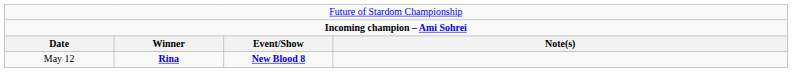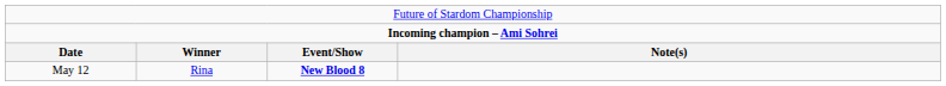 <table class="wikitable" style="text-align:center; width:100%;">
 <tr>
 <td colspan="5" style="text-align: center;"><a href='#'>Future of Stardom Championship</a></td>
 </tr>
 <tr>
 <td colspan="5" style="text-align: center;"><strong>Incoming champion – <a href='#'>Ami Sohrei</a></strong></td>
 </tr>
 <tr>
 <th width=14%>Date</th>
 <th width=14%>Winner</th>
 <th width=14%>Event/Show</th>
 <th width=58%>Note(s)</th>
 </tr>
 <tr>
 <td>May 12</td>
-<td><strong><a href='#'>Rina</a></strong></td>
+<td><a href='#'>Rina</a></td>
 <td><strong><a href='#'>New Blood 8</a></strong></td>
 <td></td>
 </tr>
 </table>
